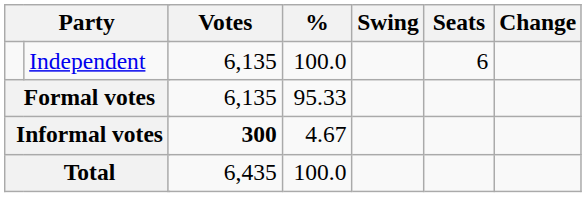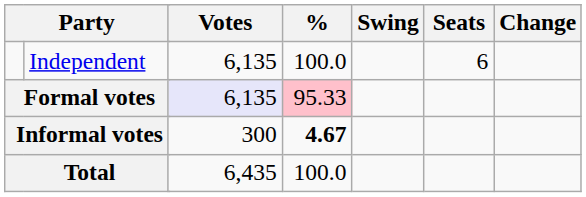 <table class="wikitable" style="text-align:right; margin-bottom:0">
 <tr>
 <th style="width:10px" colspan=3>Party</th>
 <th style="width:70px;">Votes</th>
 <th style="width:40px;">%</th>
 <th style="width:40px;">Swing</th>
 <th style="width:40px;">Seats</th>
 <th style="width:40px;">Change</th>
 </tr>
 <tr>
 <td> </td>
 <td style="text-align:left;" colspan="2"><a href='#'>Independent</a></td>
 <td>6,135</td>
 <td>100.0</td>
 <td></td>
 <td>6</td>
 <td></td>
 </tr>
 <tr>
 <th colspan="3" rowspan="1"> Formal votes</th>
-<td>6,135</td>
-<td>95.33</td>
+<td style="background: lavender;">6,135</td>
+<td style="background: pink;">95.33</td>
 <td></td>
 <td></td>
 <td></td>
 </tr>
 <tr>
 <th colspan="3" rowspan="1"> Informal votes</th>
-<td><strong>300</strong></td>
-<td>4.67</td>
+<td>300</td>
+<td><strong>4.67</strong></td>
 <td></td>
 <td></td>
 <td></td>
 </tr>
 <tr>
 <th colspan="3" rowspan="1"> Total</th>
 <td>6,435</td>
 <td>100.0</td>
 <td></td>
 <td></td>
 <td></td>
 </tr>
 </table>
